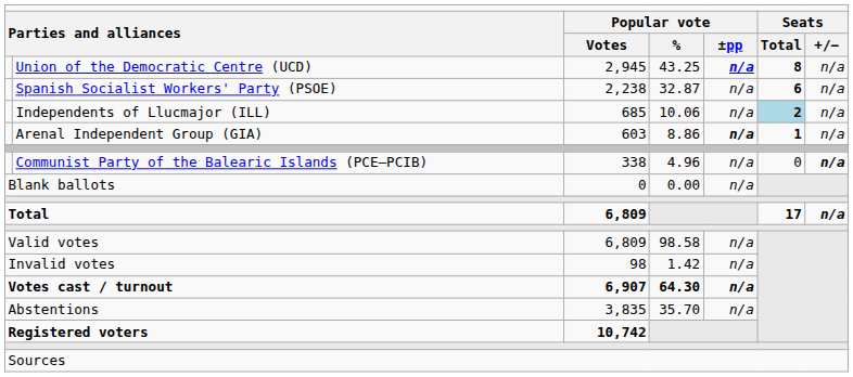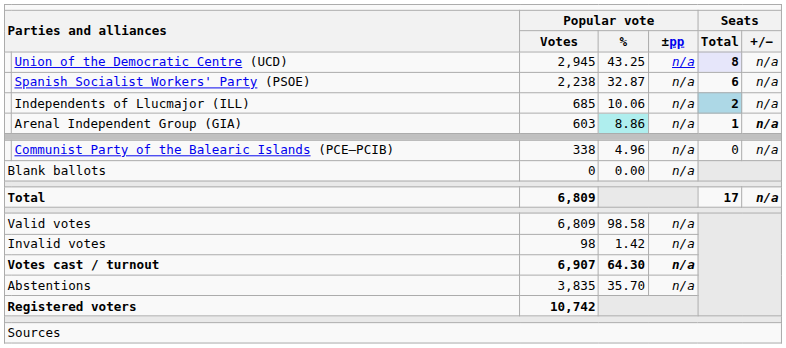 <table class="wikitable" style="text-align:right;">
 <tr>
 <td colspan="7"></td>
 </tr>
 <tr>
 <th style="text-align:left;" rowspan="2" colspan="2" width="525">Parties and alliances</th>
 <th colspan="3">Popular vote</th>
 <th colspan="2">Seats</th>
 </tr>
 <tr>
 <th width="75">Votes</th>
 <th width="45">%</th>
 <th width="45">±<a href='#'>pp</a></th>
 <th width="35">Total</th>
 <th width="35">+/−</th>
 </tr>
 <tr>
 <td width="1" style="color:inherit;background:"></td>
 <td align="left"><a href='#'>Union of the Democratic Centre</a> (UCD)</td>
 <td>2,945</td>
 <td>43.25</td>
-<td><strong><em><a href='#'>n/a</a></em></strong></td>
-<td><strong>8</strong></td>
+<td><em><a href='#'>n/a</a></em></td>
+<td style="background: lavender;"><strong>8</strong></td>
 <td><em>n/a</em></td>
 </tr>
 <tr>
 <td style="color:inherit;background:"></td>
 <td align="left"><a href='#'>Spanish Socialist Workers' Party</a> (PSOE)</td>
 <td>2,238</td>
 <td>32.87</td>
 <td><em>n/a</em></td>
 <td><strong>6</strong></td>
 <td><em>n/a</em></td>
 </tr>
 <tr>
 <td style="color:inherit;background:"></td>
 <td align="left">Independents of Llucmajor (ILL)</td>
 <td>685</td>
 <td>10.06</td>
 <td><em>n/a</em></td>
 <td style="background: lightblue;"><strong>2</strong></td>
 <td><em>n/a</em></td>
 </tr>
 <tr>
 <td style="color:inherit;background:"></td>
 <td align="left">Arenal Independent Group (GIA)</td>
 <td>603</td>
-<td>8.86</td>
+<td style="background: paleturquoise;">8.86</td>
+<td><em>n/a</em></td>
+<td><strong>1</strong></td>
 <td><strong><em>n/a</em></strong></td>
-<td><strong>1</strong></td>
-<td><em>n/a</em></td>
 </tr>
 <tr>
 <td colspan="7" bgcolor="#C0C0C0"></td>
 </tr>
 <tr>
 <td style="color:inherit;background:"></td>
 <td align="left"><a href='#'>Communist Party of the Balearic Islands</a> (PCE–PCIB)</td>
 <td>338</td>
 <td>4.96</td>
 <td><em>n/a</em></td>
 <td>0</td>
-<td><strong><em>n/a</em></strong></td>
+<td><em>n/a</em></td>
 </tr>
 <tr>
 <td align="left" colspan="2">Blank ballots</td>
 <td>0</td>
 <td>0.00</td>
 <td><em>n/a</em></td>
 <td bgcolor="#E9E9E9" colspan="2"></td>
 </tr>
 <tr>
 <td colspan="7" bgcolor="#E9E9E9"></td>
 </tr>
 <tr style="font-weight:bold;">
 <td align="left" colspan="2">Total</td>
 <td>6,809</td>
 <td bgcolor="#E9E9E9" colspan="2"></td>
 <td>17</td>
 <td><em>n/a</em></td>
 </tr>
 <tr>
 <td colspan="7" bgcolor="#E9E9E9"></td>
 </tr>
 <tr>
 <td align="left" colspan="2">Valid votes</td>
 <td>6,809</td>
 <td>98.58</td>
 <td><em>n/a</em></td>
 <td bgcolor="#E9E9E9" colspan="2" rowspan="5"></td>
 </tr>
 <tr>
 <td align="left" colspan="2">Invalid votes</td>
 <td>98</td>
 <td>1.42</td>
 <td><em>n/a</em></td>
 </tr>
 <tr style="font-weight:bold;">
 <td align="left" colspan="2">Votes cast / turnout</td>
 <td>6,907</td>
 <td>64.30</td>
 <td><em>n/a</em></td>
 </tr>
 <tr>
 <td align="left" colspan="2">Abstentions</td>
 <td>3,835</td>
 <td>35.70</td>
 <td><em>n/a</em></td>
 </tr>
 <tr style="font-weight:bold;">
 <td align="left" colspan="2">Registered voters</td>
 <td>10,742</td>
 <td bgcolor="#E9E9E9" colspan="2"></td>
 </tr>
 <tr>
 <td colspan="7" bgcolor="#E9E9E9"></td>
 </tr>
 <tr>
 <td align="left" colspan="7">Sources</td>
 </tr>
 </table>
